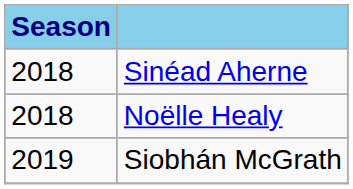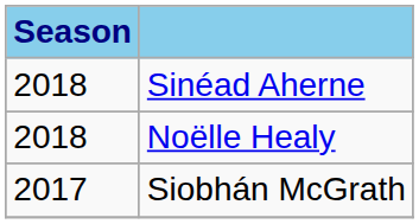 <table class="wikitable collapsible">
 <tr>
 <th style="background:skyblue; color:navy;;">Season</th>
 <th style="background:skyblue; color:navy;"></th>
 </tr>
 <tr>
 <td>2018 </td>
 <td><a href='#'>Sinéad Aherne</a></td>
 </tr>
 <tr>
 <td>2018 </td>
 <td><a href='#'>Noëlle Healy</a></td>
 </tr>
 <tr>
-<td>2019 </td>
+<td>2017 </td>
 <td>Siobhán McGrath</td>
 </tr>
 <tr>
 </tr>
 </table>
